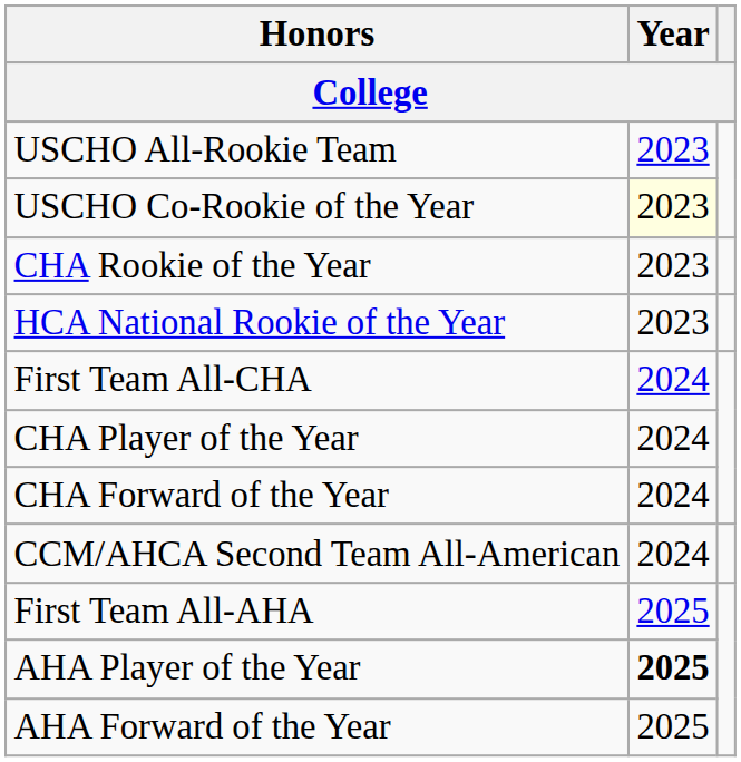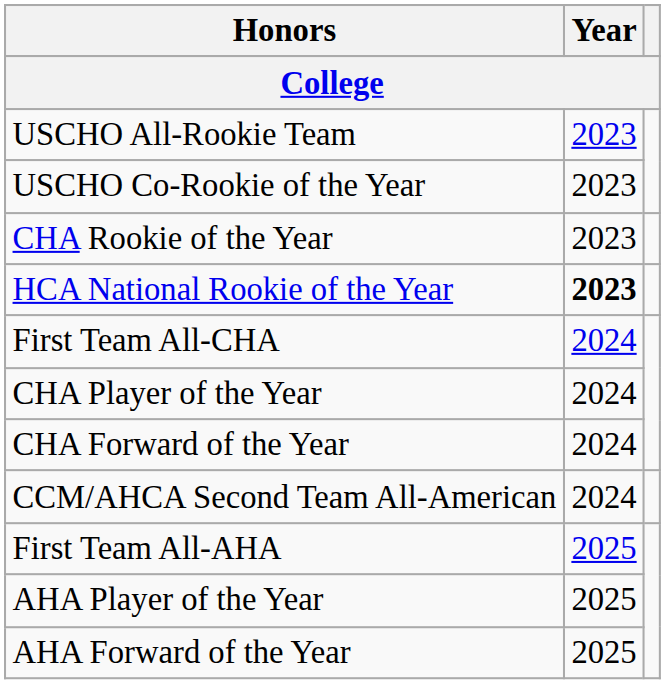 <table class="wikitable">
 <tr>
 <th>Honors</th>
 <th>Year</th>
 <th></th>
 </tr>
 <tr>
 </tr>
 <tr>
 <th colspan="3"><a href='#'>College</a></th>
 </tr>
 <tr>
 <td>USCHO All-Rookie Team</td>
 <td><a href='#'>2023</a></td>
 <td rowspan="2"></td>
 </tr>
 <tr>
 <td>USCHO Co-Rookie of the Year</td>
-<td style="background: lightyellow;">2023</td>
+<td>2023</td>
 </tr>
 <tr>
 <td><a href='#'>CHA</a> Rookie of the Year</td>
 <td>2023</td>
 <td></td>
 </tr>
 <tr>
 <td><a href='#'>HCA National Rookie of the Year</a></td>
-<td>2023</td>
+<td><strong>2023</strong></td>
 <td></td>
 </tr>
 <tr>
 <td>First Team All-CHA</td>
 <td><a href='#'>2024</a></td>
 <td rowspan="3"></td>
 </tr>
 <tr>
 <td>CHA Player of the Year</td>
 <td>2024</td>
 </tr>
 <tr>
 <td>CHA Forward of the Year</td>
 <td>2024</td>
 </tr>
 <tr>
 <td>CCM/AHCA Second Team All-American</td>
 <td>2024</td>
 <td></td>
 </tr>
 <tr>
 <td>First Team All-AHA</td>
 <td><a href='#'>2025</a></td>
 <td rowspan="3"></td>
 </tr>
 <tr>
 <td>AHA Player of the Year</td>
-<td><strong>2025</strong></td>
+<td>2025</td>
 </tr>
 <tr>
 <td>AHA Forward of the Year</td>
 <td>2025</td>
 </tr>
 </table>
